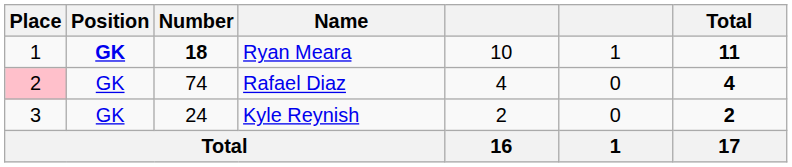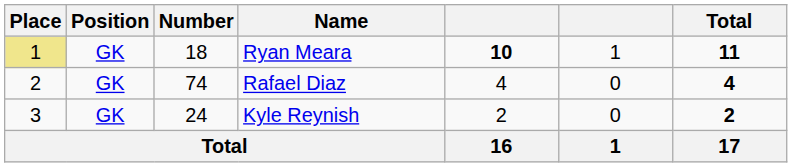 <table class="wikitable" style="font-size: 95%; text-align: center;">
 <tr>
 <th width=40>Place</th>
 <th width=40>Position</th>
 <th width=40>Number</th>
 <th width=150>Name</th>
 <th width=80></th>
 <th width=80></th>
 <th width=80><strong>Total</strong></th>
 </tr>
 <tr>
-<td>1</td>
-<td><strong><a href='#'>GK</a></strong></td>
-<td><strong>18</strong></td>
+<td style="background: khaki;">1</td>
+<td><a href='#'>GK</a></td>
+<td>18</td>
 <td align="left"> <a href='#'>Ryan Meara</a></td>
-<td>10</td>
+<td><strong>10</strong></td>
 <td>1</td>
 <td><strong>11</strong></td>
 </tr>
 <tr>
-<td style="background: pink;">2</td>
+<td>2</td>
 <td><a href='#'>GK</a></td>
 <td>74</td>
 <td align="left"> <a href='#'>Rafael Diaz</a></td>
 <td>4</td>
 <td>0</td>
 <td><strong>4</strong></td>
 </tr>
 <tr>
 <td>3</td>
 <td><a href='#'>GK</a></td>
 <td>24</td>
 <td align="left"> <a href='#'>Kyle Reynish</a></td>
 <td>2</td>
 <td>0</td>
 <td><strong>2</strong></td>
 </tr>
 <tr>
 <th colspan="4">Total</th>
 <th>16</th>
 <th>1</th>
 <th>17</th>
 </tr>
 </table>
